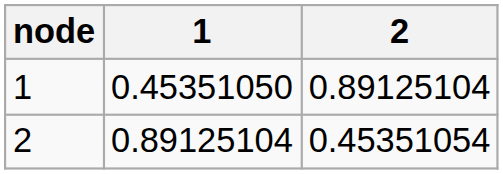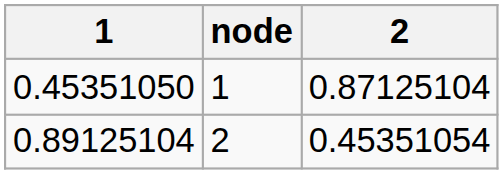 <table class="wikitable">
 <tr>
+<th>1</th>
 <th>node</th>
-<th>1</th>
 <th>2</th>
 </tr>
 <tr>
+<td>0.45351050</td>
 <td>1</td>
-<td>0.45351050</td>
-<td>0.89125104</td>
+<td>0.87125104</td>
 </tr>
 <tr>
+<td>0.89125104</td>
 <td>2</td>
-<td>0.89125104</td>
 <td>0.45351054</td>
 </tr>
 </table>
